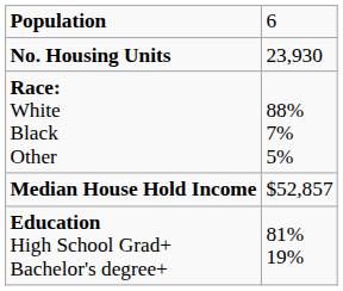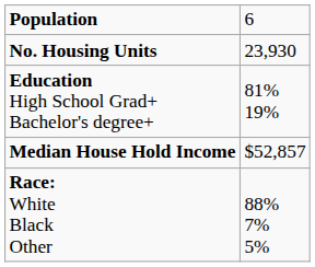 <table class="wikitable">
 <tr>
 <td><strong>Population</strong></td>
 <td>6</td>
 </tr>
 <tr>
 <td><strong>No. Housing Units</strong></td>
 <td>23,930</td>
 </tr>
 <tr>
-<td><strong>Race:</strong><br>White<br>Black<br>Other <br></td>
-<td><br>88%<br>7%<br>5%</td>
+<td><strong>Education</strong><br>High School Grad+<br>Bachelor's degree+ <br></td>
+<td>81%<br>19%</td>
 </tr>
 <tr>
 <td><strong>Median House Hold Income</strong></td>
 <td>$52,857</td>
 </tr>
 <tr>
-<td><strong>Education</strong><br>High School Grad+<br>Bachelor's degree+ <br></td>
-<td>81%<br>19%</td>
+<td><strong>Race:</strong><br>White<br>Black<br>Other <br></td>
+<td><br>88%<br>7%<br>5%</td>
 </tr>
 </table>
